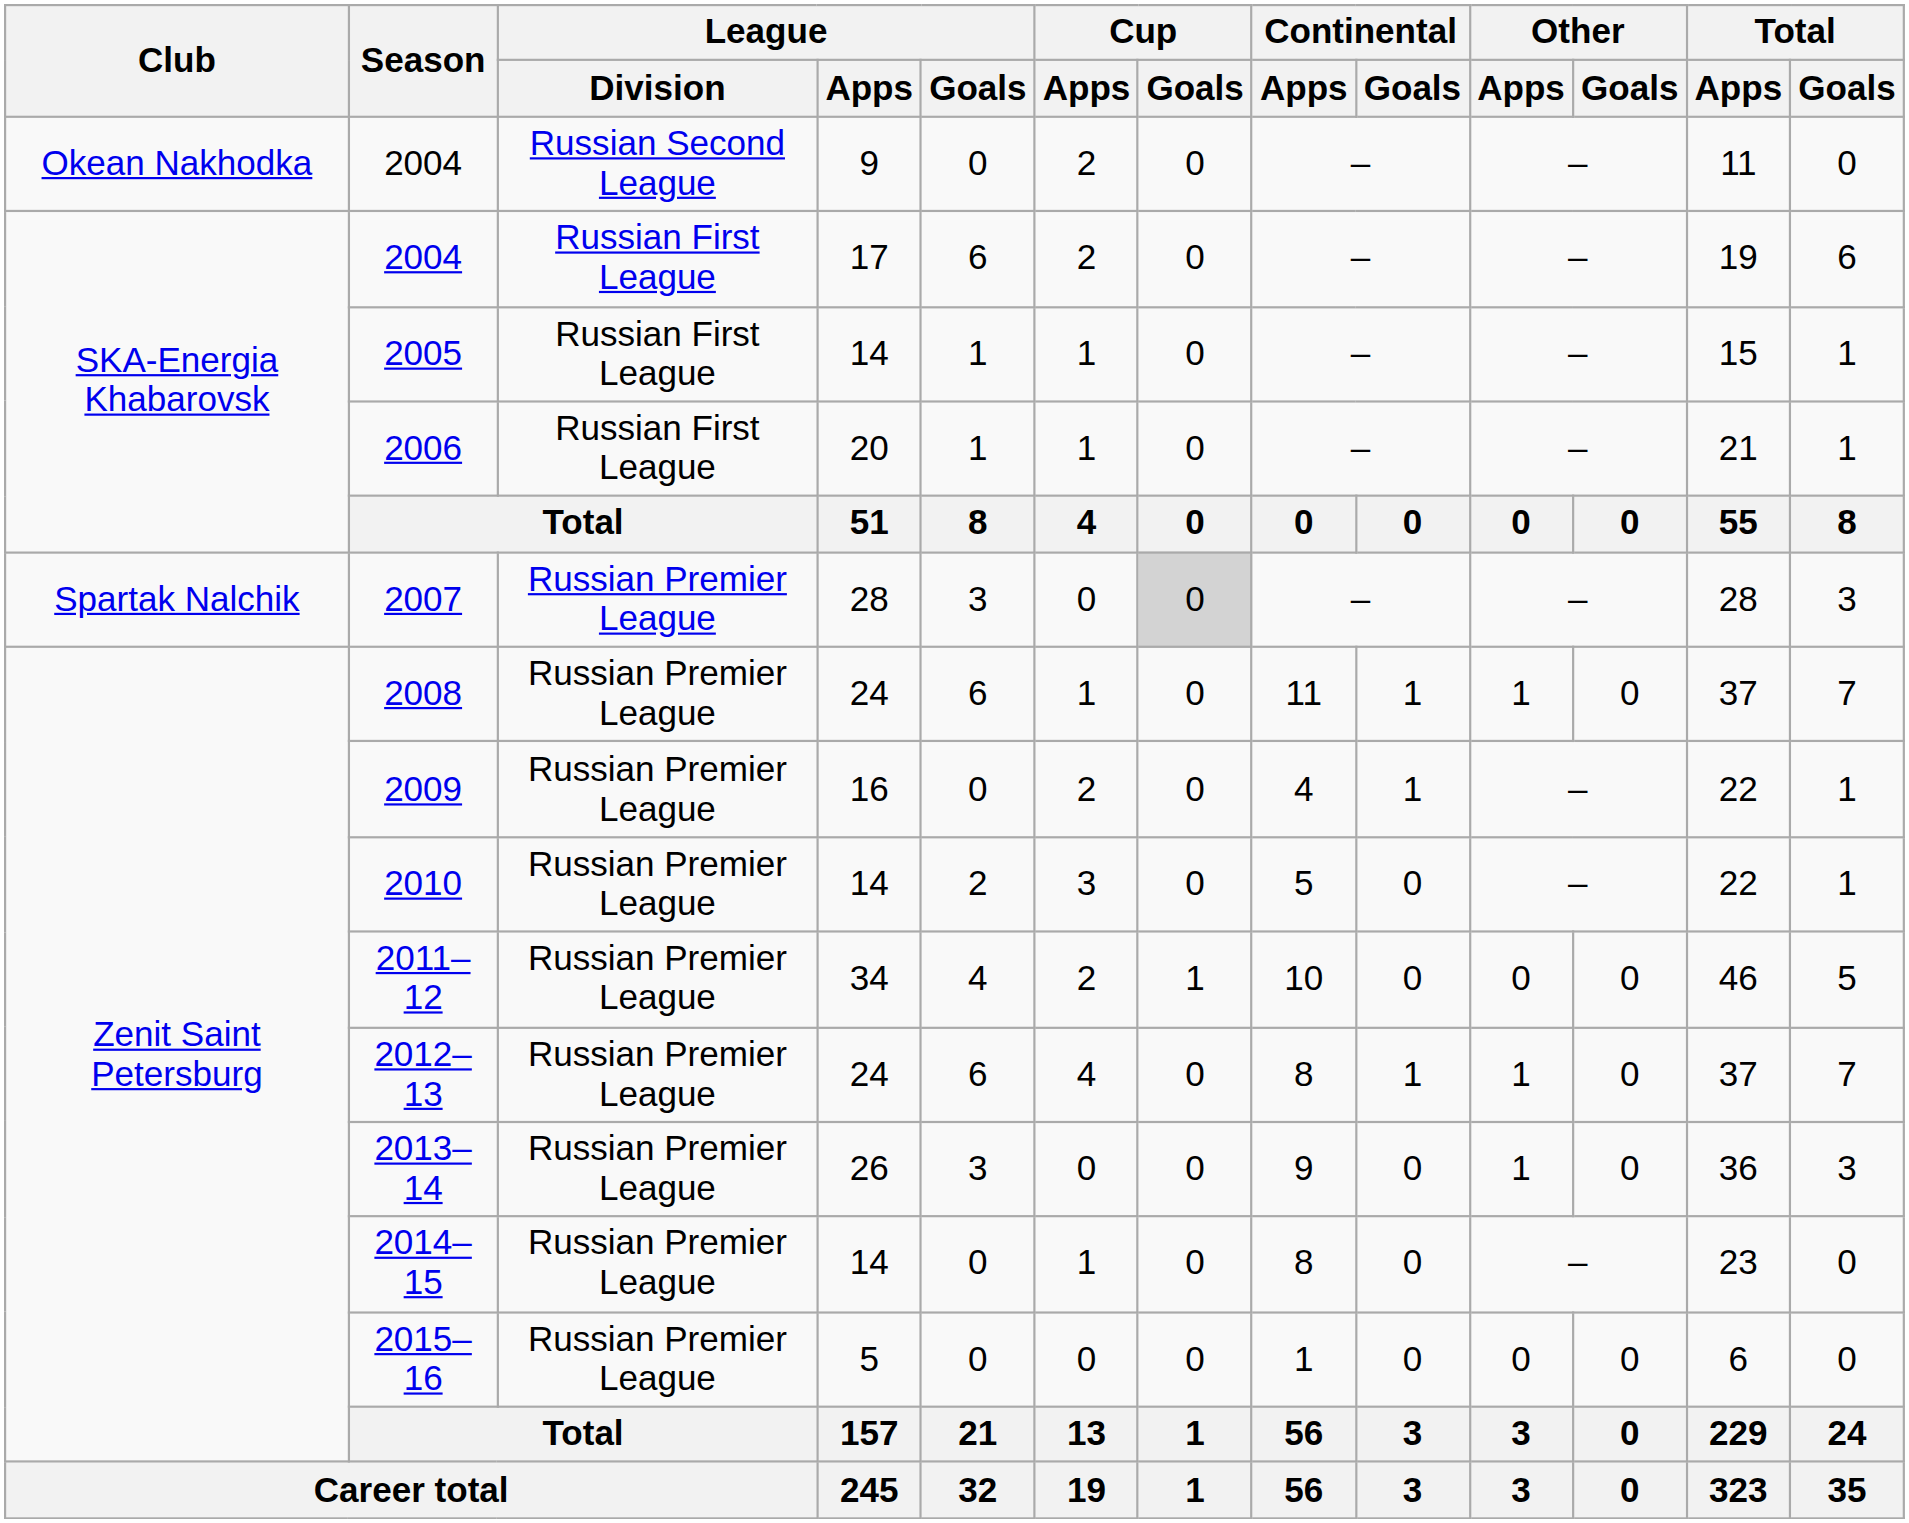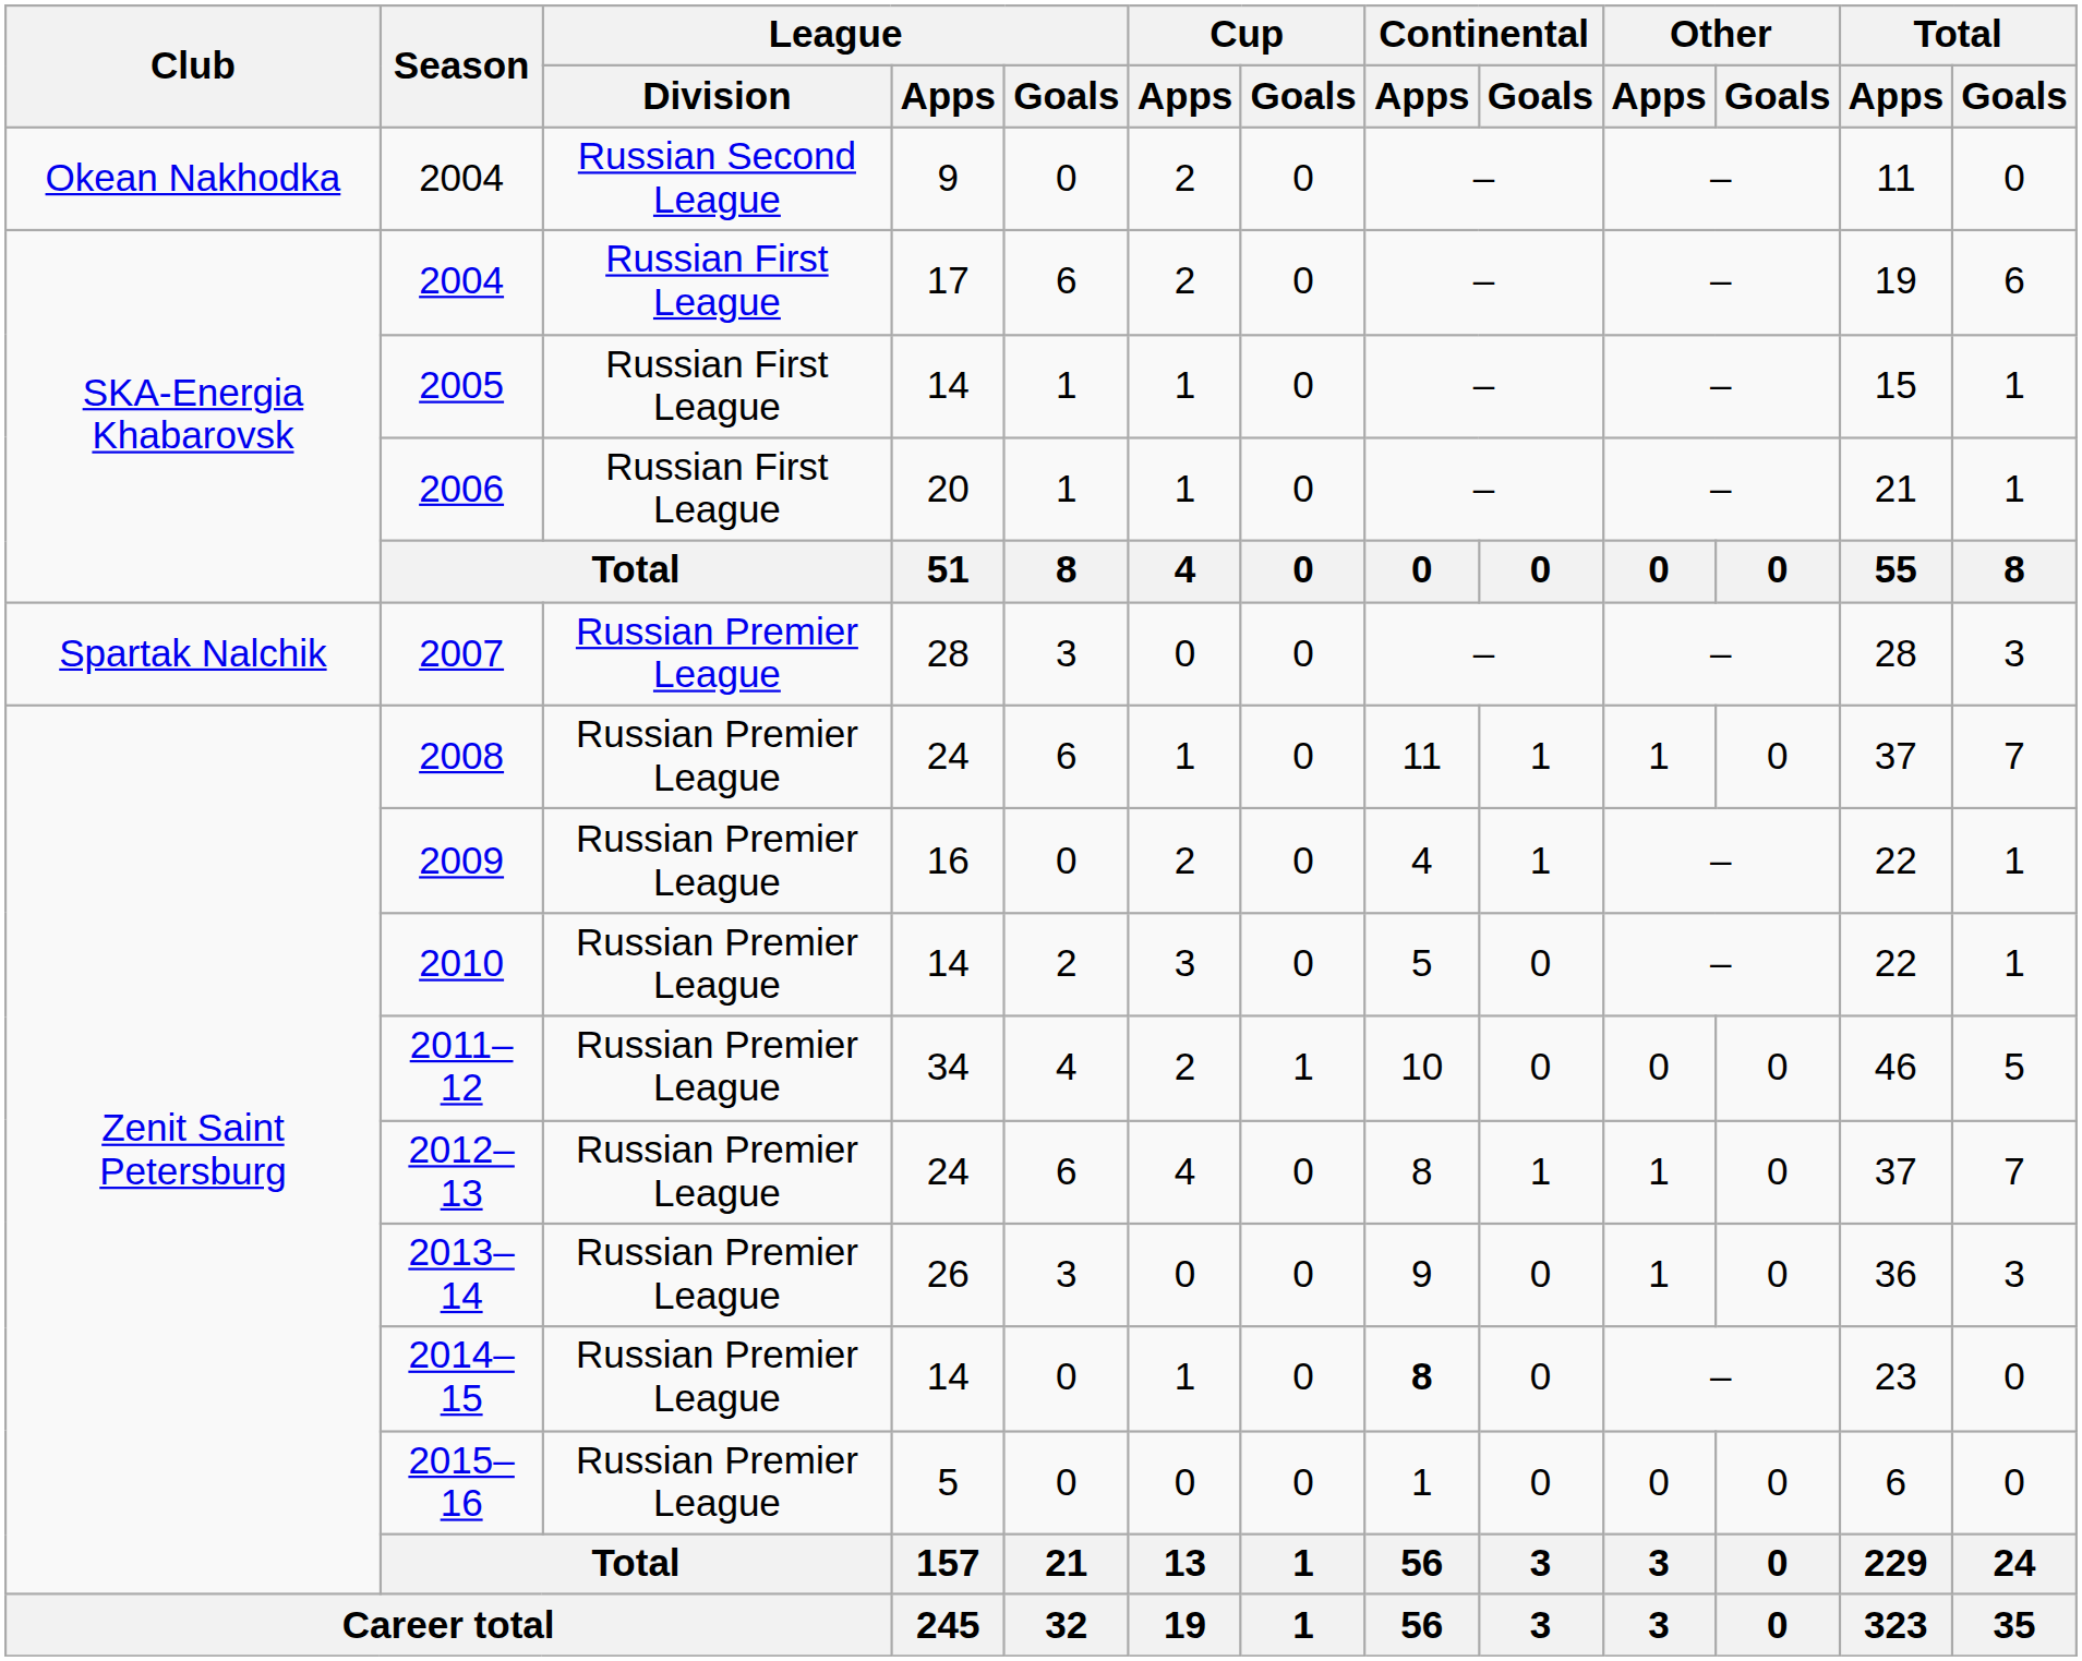 <table class="wikitable" style="text-align: center;">
 <tr>
 <th rowspan=2>Club</th>
 <th rowspan=2>Season</th>
 <th colspan=3>League</th>
 <th colspan=2>Cup</th>
 <th colspan=2>Continental</th>
 <th colspan=2>Other</th>
 <th colspan=2>Total</th>
 </tr>
 <tr>
 <th>Division</th>
 <th>Apps</th>
 <th>Goals</th>
 <th>Apps</th>
 <th>Goals</th>
 <th>Apps</th>
 <th>Goals</th>
 <th>Apps</th>
 <th>Goals</th>
 <th>Apps</th>
 <th>Goals</th>
 </tr>
 <tr>
 <td><a href='#'>Okean Nakhodka</a></td>
 <td>2004</td>
 <td><a href='#'>Russian Second League</a></td>
 <td>9</td>
 <td>0</td>
 <td>2</td>
 <td>0</td>
 <td colspan=2>–</td>
 <td colspan=2>–</td>
 <td>11</td>
 <td>0</td>
 </tr>
 <tr>
 <td rowspan="4"><a href='#'>SKA-Energia Khabarovsk</a></td>
 <td><a href='#'>2004</a></td>
 <td><a href='#'>Russian First League</a></td>
 <td>17</td>
 <td>6</td>
 <td>2</td>
 <td>0</td>
 <td colspan=2>–</td>
 <td colspan=2>–</td>
 <td>19</td>
 <td>6</td>
 </tr>
 <tr>
 <td><a href='#'>2005</a></td>
 <td>Russian First League</td>
 <td>14</td>
 <td>1</td>
 <td>1</td>
 <td>0</td>
 <td colspan=2>–</td>
 <td colspan=2>–</td>
 <td>15</td>
 <td>1</td>
 </tr>
 <tr>
 <td><a href='#'>2006</a></td>
 <td>Russian First League</td>
 <td>20</td>
 <td>1</td>
 <td>1</td>
 <td>0</td>
 <td colspan=2>–</td>
 <td colspan=2>–</td>
 <td>21</td>
 <td>1</td>
 </tr>
 <tr>
 <th colspan=2>Total</th>
 <th>51</th>
 <th>8</th>
 <th>4</th>
 <th>0</th>
 <th>0</th>
 <th>0</th>
 <th>0</th>
 <th>0</th>
 <th>55</th>
 <th>8</th>
 </tr>
 <tr>
 <td><a href='#'>Spartak Nalchik</a></td>
 <td><a href='#'>2007</a></td>
 <td><a href='#'>Russian Premier League</a></td>
 <td>28</td>
 <td>3</td>
 <td>0</td>
-<td style="background: lightgrey;">0</td>
+<td>0</td>
 <td colspan=2>–</td>
 <td colspan=2>–</td>
 <td>28</td>
 <td>3</td>
 </tr>
 <tr>
 <td rowspan="9"><a href='#'>Zenit Saint Petersburg</a></td>
 <td><a href='#'>2008</a></td>
 <td>Russian Premier League</td>
 <td>24</td>
 <td>6</td>
 <td>1</td>
 <td>0</td>
 <td>11</td>
 <td>1</td>
 <td>1</td>
 <td>0</td>
 <td>37</td>
 <td>7</td>
 </tr>
 <tr>
 <td><a href='#'>2009</a></td>
 <td>Russian Premier League</td>
 <td>16</td>
 <td>0</td>
 <td>2</td>
 <td>0</td>
 <td>4</td>
 <td>1</td>
 <td colspan=2>–</td>
 <td>22</td>
 <td>1</td>
 </tr>
 <tr>
 <td><a href='#'>2010</a></td>
 <td>Russian Premier League</td>
 <td>14</td>
 <td>2</td>
 <td>3</td>
 <td>0</td>
 <td>5</td>
 <td>0</td>
 <td colspan=2>–</td>
 <td>22</td>
 <td>1</td>
 </tr>
 <tr>
 <td><a href='#'>2011–12</a></td>
 <td>Russian Premier League</td>
 <td>34</td>
 <td>4</td>
 <td>2</td>
 <td>1</td>
 <td>10</td>
 <td>0</td>
 <td>0</td>
 <td>0</td>
 <td>46</td>
 <td>5</td>
 </tr>
 <tr>
 <td><a href='#'>2012–13</a></td>
 <td>Russian Premier League</td>
 <td>24</td>
 <td>6</td>
 <td>4</td>
 <td>0</td>
 <td>8</td>
 <td>1</td>
 <td>1</td>
 <td>0</td>
 <td>37</td>
 <td>7</td>
 </tr>
 <tr>
 <td><a href='#'>2013–14</a></td>
 <td>Russian Premier League</td>
 <td>26</td>
 <td>3</td>
 <td>0</td>
 <td>0</td>
 <td>9</td>
 <td>0</td>
 <td>1</td>
 <td>0</td>
 <td>36</td>
 <td>3</td>
 </tr>
 <tr>
 <td><a href='#'>2014–15</a></td>
 <td>Russian Premier League</td>
 <td>14</td>
 <td>0</td>
 <td>1</td>
 <td>0</td>
-<td>8</td>
+<td><strong>8</strong></td>
 <td>0</td>
 <td colspan=2>–</td>
 <td>23</td>
 <td>0</td>
 </tr>
 <tr>
 <td><a href='#'>2015–16</a></td>
 <td>Russian Premier League</td>
 <td>5</td>
 <td>0</td>
 <td>0</td>
 <td>0</td>
 <td>1</td>
 <td>0</td>
 <td>0</td>
 <td>0</td>
 <td>6</td>
 <td>0</td>
 </tr>
 <tr>
 <th colspan=2>Total</th>
 <th>157</th>
 <th>21</th>
 <th>13</th>
 <th>1</th>
 <th>56</th>
 <th>3</th>
 <th>3</th>
 <th>0</th>
 <th>229</th>
 <th>24</th>
 </tr>
 <tr>
 <th colspan=3>Career total</th>
 <th>245</th>
 <th>32</th>
 <th>19</th>
 <th>1</th>
 <th>56</th>
 <th>3</th>
 <th>3</th>
 <th>0</th>
 <th>323</th>
 <th>35</th>
 </tr>
 </table>
